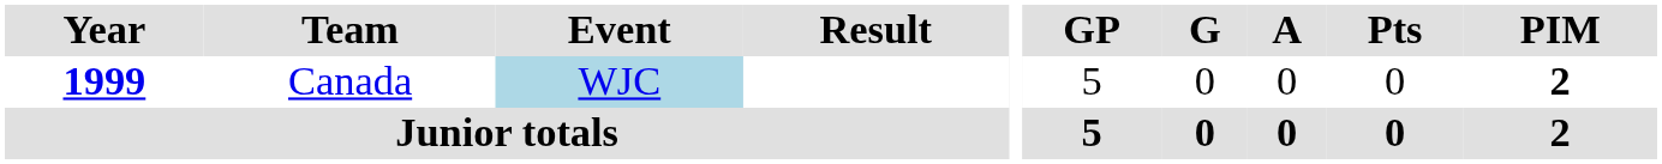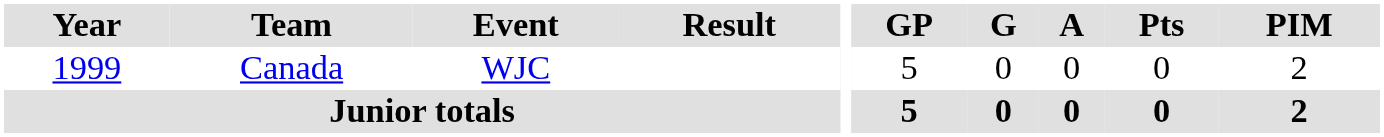 <table border="0" cellpadding="1" cellspacing="0" ID="Table3" style="text-align:center; width:40em">
 <tr ALIGN="center" bgcolor="#e0e0e0">
 <th>Year</th>
 <th>Team</th>
 <th>Event</th>
 <th>Result</th>
 <th rowspan="99" bgcolor="#ffffff"></th>
 <th>GP</th>
 <th>G</th>
 <th>A</th>
 <th>Pts</th>
 <th>PIM</th>
 </tr>
 <tr>
-<td><strong><a href='#'>1999</a></strong></td>
+<td><a href='#'>1999</a></td>
 <td><a href='#'>Canada</a></td>
-<td style="background: lightblue;"><a href='#'>WJC</a></td>
+<td><a href='#'>WJC</a></td>
 <td></td>
 <td>5</td>
 <td>0</td>
 <td>0</td>
 <td>0</td>
-<td><strong>2</strong></td>
+<td>2</td>
 </tr>
 <tr bgcolor="#e0e0e0">
 <th colspan="4">Junior totals</th>
 <th>5</th>
 <th>0</th>
 <th>0</th>
 <th>0</th>
 <th>2</th>
 </tr>
 </table>
